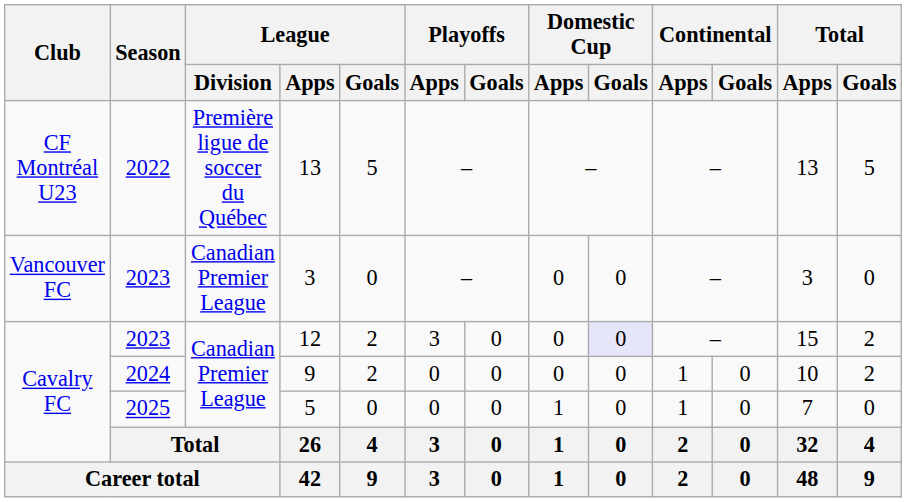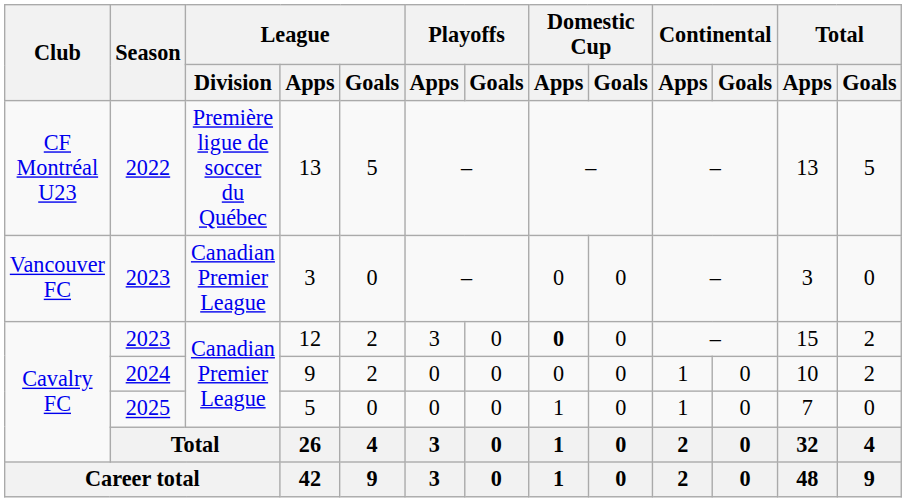 <table class="wikitable" style="text-align: center">
 <tr>
 <th rowspan="2">Club</th>
 <th rowspan="2">Season</th>
 <th colspan="3">League</th>
 <th colspan="2">Playoffs</th>
 <th colspan="2">Domestic Cup</th>
 <th colspan="2">Continental</th>
 <th colspan="2">Total</th>
 </tr>
 <tr>
 <th>Division</th>
 <th>Apps</th>
 <th>Goals</th>
 <th>Apps</th>
 <th>Goals</th>
 <th>Apps</th>
 <th>Goals</th>
 <th>Apps</th>
 <th>Goals</th>
 <th>Apps</th>
 <th>Goals</th>
 </tr>
 <tr>
 <td><a href='#'>CF Montréal U23</a></td>
 <td><a href='#'>2022</a></td>
 <td><a href='#'>Première ligue de soccer du Québec</a></td>
 <td>13</td>
 <td>5</td>
 <td colspan="2">–</td>
 <td colspan="2">–</td>
 <td colspan="2">–</td>
 <td>13</td>
 <td>5</td>
 </tr>
 <tr>
 <td><a href='#'>Vancouver FC</a></td>
 <td><a href='#'>2023</a></td>
 <td><a href='#'>Canadian Premier League</a></td>
 <td>3</td>
 <td>0</td>
 <td colspan="2">–</td>
 <td>0</td>
 <td>0</td>
 <td colspan="2">–</td>
 <td>3</td>
 <td>0</td>
 </tr>
 <tr>
 <td rowspan="4"><a href='#'>Cavalry FC</a></td>
 <td><a href='#'>2023</a></td>
 <td rowspan="3"><a href='#'>Canadian Premier League</a></td>
 <td>12</td>
 <td>2</td>
 <td>3</td>
 <td>0</td>
+<td><strong>0</strong></td>
 <td>0</td>
-<td style="background: lavender;">0</td>
 <td colspan="2">–</td>
 <td>15</td>
 <td>2</td>
 </tr>
 <tr>
 <td><a href='#'>2024</a></td>
 <td>9</td>
 <td>2</td>
 <td>0</td>
 <td>0</td>
 <td>0</td>
 <td>0</td>
 <td>1</td>
 <td>0</td>
 <td>10</td>
 <td>2</td>
 </tr>
 <tr>
 <td><a href='#'>2025</a></td>
 <td>5</td>
 <td>0</td>
 <td>0</td>
 <td>0</td>
 <td>1</td>
 <td>0</td>
 <td>1</td>
 <td>0</td>
 <td>7</td>
 <td>0</td>
 </tr>
 <tr>
 <th colspan="2"><strong>Total</strong></th>
 <th>26</th>
 <th>4</th>
 <th>3</th>
 <th>0</th>
 <th>1</th>
 <th>0</th>
 <th>2</th>
 <th>0</th>
 <th>32</th>
 <th>4</th>
 </tr>
 <tr>
 <th colspan="3"><strong>Career total</strong></th>
 <th>42</th>
 <th>9</th>
 <th>3</th>
 <th>0</th>
 <th>1</th>
 <th>0</th>
 <th>2</th>
 <th>0</th>
 <th>48</th>
 <th>9</th>
 </tr>
 </table>
